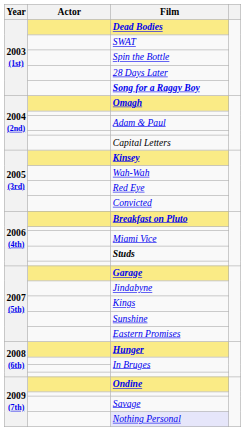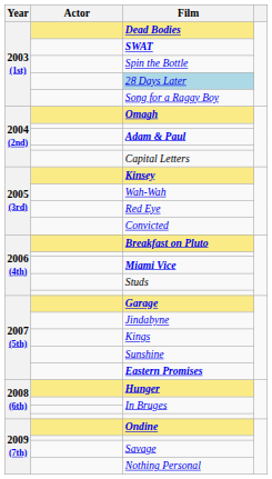 <table class="wikitable sortable">
 <tr>
 <th scope="col" style="width:10%;">Year</th>
 <th scope="col" style="width:35%;">Actor</th>
 <th scope="col" style="width:50%;">Film</th>
 <th scope="col" style="width:5%;" class="unsortable"></th>
 </tr>
 <tr>
 <th scope="row" rowspan=5 style="text-align:center">2003<br><small><a href='#'>(1st)</a></small></th>
 <td style="background:#FAEB86;"><strong> </strong></td>
 <td style="background:#FAEB86;"><strong><em><a href='#'>Dead Bodies</a></em></strong></td>
 <td rowspan=5 style="text-align:center;"></td>
 </tr>
 <tr>
 <td></td>
-<td><em><a href='#'>SWAT</a></em></td>
+<td><strong><em><a href='#'>SWAT</a></em></strong></td>
 </tr>
 <tr>
 <td></td>
 <td><em><a href='#'>Spin the Bottle</a></em></td>
 </tr>
 <tr>
 <td></td>
-<td><em><a href='#'>28 Days Later</a></em></td>
+<td style="background: lightblue;"><em><a href='#'>28 Days Later</a></em></td>
 </tr>
 <tr>
 <td></td>
-<td><strong><em><a href='#'>Song for a Raggy Boy</a></em></strong></td>
+<td><em><a href='#'>Song for a Raggy Boy</a></em></td>
 </tr>
 <tr>
 <th scope="row" rowspan=5 style="text-align:center">2004<br><small><a href='#'>(2nd)</a></small></th>
 <td style="background:#FAEB86;"><strong> </strong></td>
 <td style="background:#FAEB86;"><strong><em><a href='#'>Omagh</a></em></strong></td>
 <td rowspan=5 style="text-align:center;"></td>
 </tr>
 <tr>
 <td></td>
 <td></td>
 </tr>
 <tr>
 <td></td>
-<td><em><a href='#'>Adam & Paul</a></em></td>
+<td><strong><em><a href='#'>Adam & Paul</a></em></strong></td>
 </tr>
 <tr>
 <td></td>
 <td></td>
 </tr>
 <tr>
 <td></td>
 <td><em>Capital Letters</em></td>
 </tr>
 <tr>
 <th scope="row" rowspan=4 style="text-align:center">2005<br><small><a href='#'>(3rd)</a></small></th>
 <td style="background:#FAEB86;"><strong> </strong></td>
 <td style="background:#FAEB86;"><strong><em><a href='#'>Kinsey</a></em></strong></td>
 <td rowspan=4 style="text-align:center;"></td>
 </tr>
 <tr>
 <td></td>
 <td><em><a href='#'>Wah-Wah</a></em></td>
 </tr>
 <tr>
 <td></td>
 <td><em><a href='#'>Red Eye</a></em></td>
 </tr>
 <tr>
 <td></td>
 <td><em><a href='#'>Convicted</a></em></td>
 </tr>
 <tr>
 <th scope="row" rowspan=5 style="text-align:center">2006<br><small><a href='#'>(4th)</a></small></th>
 <td style="background:#FAEB86;"><strong> </strong></td>
 <td style="background:#FAEB86;"><strong><em><a href='#'>Breakfast on Pluto</a></em></strong></td>
 <td rowspan=5 style="text-align:center;"></td>
 </tr>
 <tr>
 <td></td>
 <td></td>
 </tr>
 <tr>
 <td></td>
-<td><em><a href='#'>Miami Vice</a></em></td>
+<td><strong><em><a href='#'>Miami Vice</a></em></strong></td>
 </tr>
 <tr>
 <td></td>
-<td><strong><em>Studs</em></strong></td>
+<td><em>Studs</em></td>
 </tr>
 <tr>
 <td></td>
 <td></td>
 </tr>
 <tr>
 <th scope="row" rowspan=5 style="text-align:center">2007<br><small><a href='#'>(5th)</a></small></th>
 <td style="background:#FAEB86;"><strong> </strong></td>
 <td style="background:#FAEB86;"><strong><em><a href='#'>Garage</a></em></strong></td>
 <td rowspan=5 style="text-align:center;"></td>
 </tr>
 <tr>
 <td></td>
 <td><em><a href='#'>Jindabyne</a></em></td>
 </tr>
 <tr>
 <td></td>
 <td><em><a href='#'>Kings</a></em></td>
 </tr>
 <tr>
 <td></td>
 <td><em><a href='#'>Sunshine</a></em></td>
 </tr>
 <tr>
 <td></td>
-<td><em><a href='#'>Eastern Promises</a></em></td>
+<td><strong><em><a href='#'>Eastern Promises</a></em></strong></td>
 </tr>
 <tr>
 <th scope="row" rowspan=4 style="text-align:center">2008<br><small><a href='#'>(6th)</a></small></th>
 <td style="background:#FAEB86;"><strong> </strong></td>
 <td style="background:#FAEB86;"><strong><em><a href='#'>Hunger</a></em></strong></td>
 <td rowspan=4 style="text-align:center;"></td>
 </tr>
 <tr>
 <td></td>
 <td rowspan=2><em><a href='#'>In Bruges</a></em></td>
 </tr>
 <tr>
 <td></td>
 </tr>
 <tr>
 <td></td>
 <td></td>
 </tr>
 <tr>
 <th scope="row" rowspan=4 style="text-align:center">2009<br><small><a href='#'>(7th)</a></small></th>
 <td style="background:#FAEB86;"><strong> </strong></td>
 <td style="background:#FAEB86;"><strong><em><a href='#'>Ondine</a></em></strong></td>
 <td rowspan=4 style="text-align:center;"></td>
 </tr>
 <tr>
 <td></td>
 <td></td>
 </tr>
 <tr>
 <td></td>
 <td><em><a href='#'>Savage</a></em></td>
 </tr>
 <tr>
 <td></td>
-<td style="background: lavender;"><em><a href='#'>Nothing Personal</a></em></td>
+<td><em><a href='#'>Nothing Personal</a></em></td>
 </tr>
 </table>
